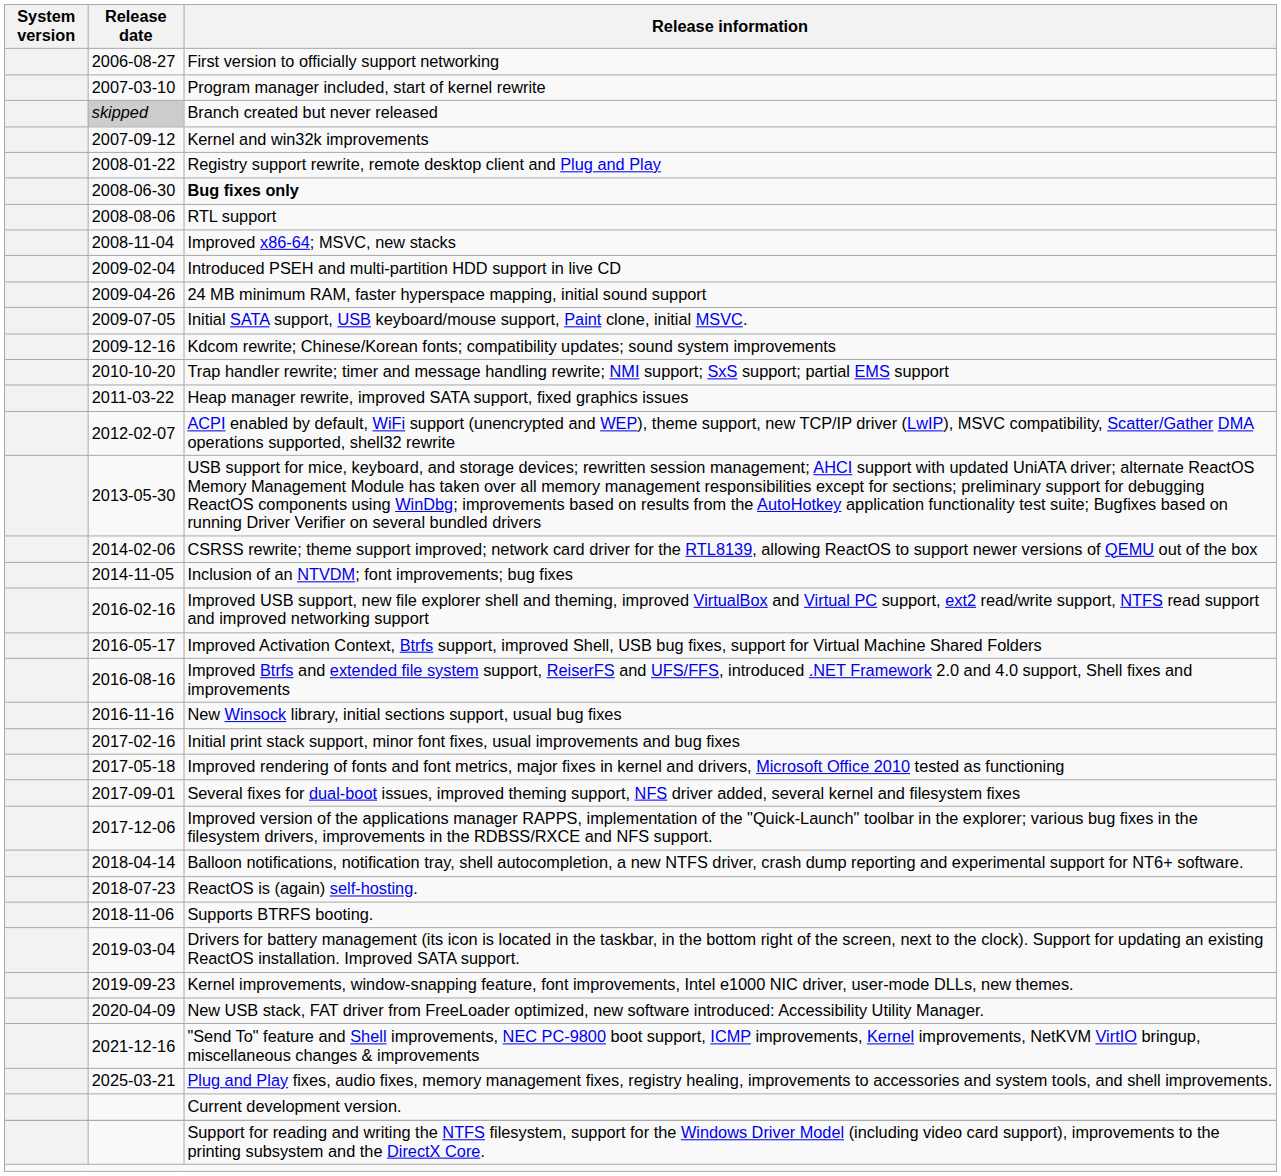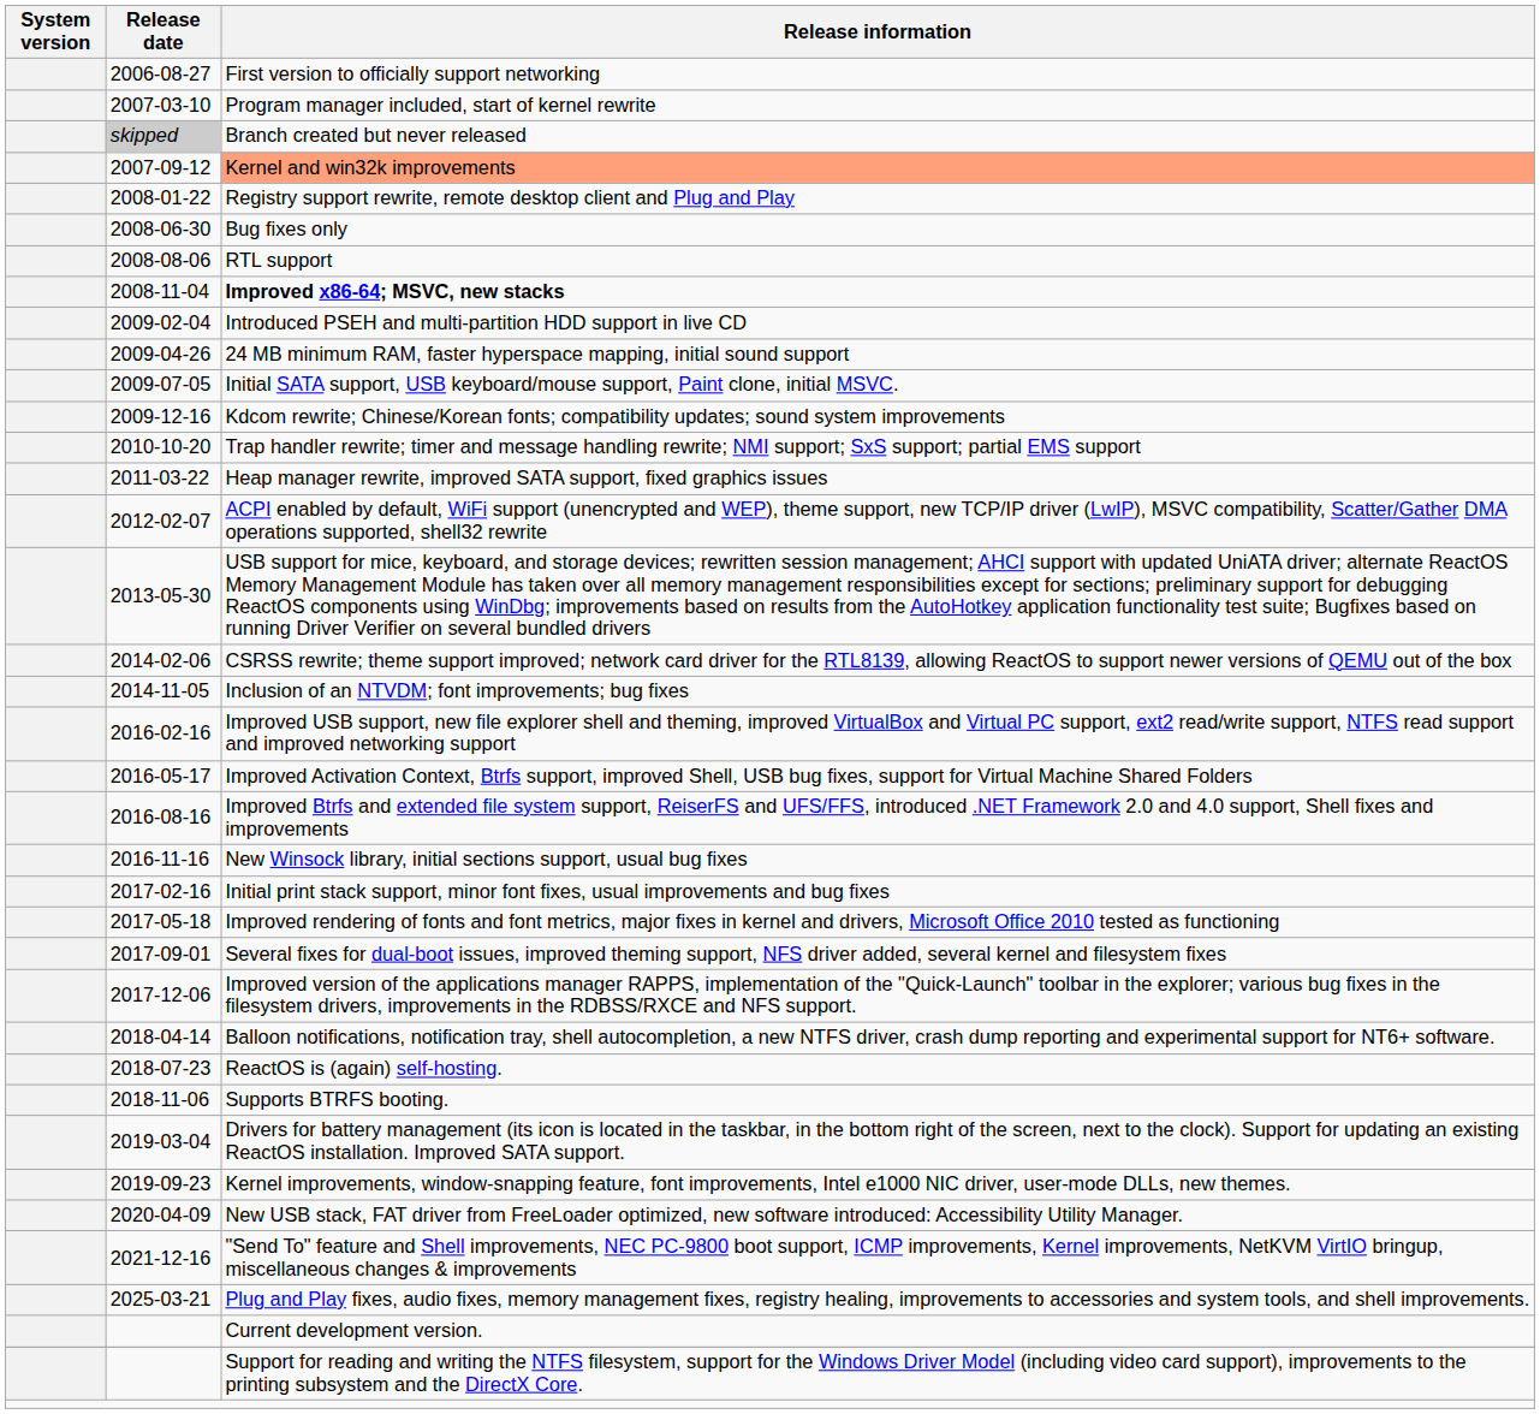 <table class="wikitable sortable">
 <tr>
 <th>System version</th>
 <th>Release date</th>
 <th>Release information</th>
 </tr>
 <tr>
 <th></th>
 <td>2006-08-27</td>
 <td>First version to officially support networking</td>
 </tr>
 <tr>
 <th></th>
 <td>2007-03-10</td>
 <td>Program manager included, start of kernel rewrite</td>
 </tr>
 <tr>
 <th></th>
 <td style="background:#ccc;"><em>skipped</em></td>
 <td>Branch created but never released</td>
 </tr>
 <tr>
 <th></th>
 <td>2007-09-12</td>
-<td>Kernel and win32k improvements</td>
+<td style="background: lightsalmon;">Kernel and win32k improvements</td>
 </tr>
 <tr>
 <th></th>
 <td>2008-01-22</td>
 <td>Registry support rewrite, remote desktop client and <a href='#'>Plug and Play</a></td>
 </tr>
 <tr>
 <th></th>
 <td>2008-06-30</td>
-<td><strong>Bug fixes only</strong></td>
+<td>Bug fixes only</td>
 </tr>
 <tr>
 <th></th>
 <td>2008-08-06</td>
 <td>RTL support</td>
 </tr>
 <tr>
 <th></th>
 <td>2008-11-04</td>
-<td>Improved <a href='#'>x86-64</a>; MSVC, new stacks</td>
+<td><strong>Improved <a href='#'>x86-64</a>; MSVC, new stacks</strong></td>
 </tr>
 <tr>
 <th></th>
 <td>2009-02-04</td>
 <td>Introduced PSEH and multi-partition HDD support in live CD</td>
 </tr>
 <tr>
 <th></th>
 <td>2009-04-26</td>
 <td>24 MB minimum RAM, faster hyperspace mapping, initial sound support</td>
 </tr>
 <tr>
 <th></th>
 <td>2009-07-05</td>
 <td>Initial <a href='#'>SATA</a> support, <a href='#'>USB</a> keyboard/mouse support, <a href='#'>Paint</a> clone, initial <a href='#'>MSVC</a>.</td>
 </tr>
 <tr>
 <th></th>
 <td>2009-12-16</td>
 <td>Kdcom rewrite; Chinese/Korean fonts; compatibility updates; sound system improvements</td>
 </tr>
 <tr>
 <th></th>
 <td>2010-10-20</td>
 <td>Trap handler rewrite; timer and message handling rewrite; <a href='#'>NMI</a> support; <a href='#'>SxS</a> support; partial <a href='#'>EMS</a> support</td>
 </tr>
 <tr>
 <th></th>
 <td>2011-03-22</td>
 <td>Heap manager rewrite, improved SATA support, fixed graphics issues</td>
 </tr>
 <tr>
 <th></th>
 <td>2012-02-07</td>
 <td><a href='#'>ACPI</a> enabled by default, <a href='#'>WiFi</a> support (unencrypted and <a href='#'>WEP</a>), theme support, new TCP/IP driver (<a href='#'>LwIP</a>), MSVC compatibility, <a href='#'>Scatter/Gather</a> <a href='#'>DMA</a> operations supported, shell32 rewrite</td>
 </tr>
 <tr>
 <th></th>
 <td>2013-05-30</td>
 <td>USB support for mice, keyboard, and storage devices; rewritten session management; <a href='#'>AHCI</a> support with updated UniATA driver; alternate ReactOS Memory Management Module has taken over all memory management responsibilities except for sections; preliminary support for debugging ReactOS components using <a href='#'>WinDbg</a>; improvements based on results from the <a href='#'>AutoHotkey</a> application functionality test suite; Bugfixes based on running Driver Verifier on several bundled drivers</td>
 </tr>
 <tr>
 <th></th>
 <td>2014-02-06</td>
 <td>CSRSS rewrite; theme support improved; network card driver for the <a href='#'>RTL8139</a>, allowing ReactOS to support newer versions of <a href='#'>QEMU</a> out of the box</td>
 </tr>
 <tr>
 <th></th>
 <td>2014-11-05</td>
 <td>Inclusion of an <a href='#'>NTVDM</a>; font improvements; bug fixes</td>
 </tr>
 <tr>
 <th></th>
 <td>2016-02-16</td>
 <td>Improved USB support, new file explorer shell and theming, improved <a href='#'>VirtualBox</a> and <a href='#'>Virtual PC</a> support, <a href='#'>ext2</a> read/write support, <a href='#'>NTFS</a> read support and improved networking support</td>
 </tr>
 <tr>
 <th></th>
 <td>2016-05-17</td>
 <td>Improved Activation Context, <a href='#'>Btrfs</a> support, improved Shell, USB bug fixes, support for Virtual Machine Shared Folders</td>
 </tr>
 <tr>
 <th></th>
 <td>2016-08-16</td>
 <td>Improved <a href='#'>Btrfs</a> and <a href='#'>extended file system</a> support, <a href='#'>ReiserFS</a> and <a href='#'>UFS/FFS</a>, introduced <a href='#'>.NET Framework</a> 2.0 and 4.0 support, Shell fixes and improvements</td>
 </tr>
 <tr>
 <th></th>
 <td>2016-11-16</td>
 <td>New <a href='#'>Winsock</a> library, initial sections support, usual bug fixes</td>
 </tr>
 <tr>
 <th></th>
 <td>2017-02-16</td>
 <td>Initial print stack support, minor font fixes, usual improvements and bug fixes</td>
 </tr>
 <tr>
 <th></th>
 <td>2017-05-18</td>
 <td>Improved rendering of fonts and font metrics, major fixes in kernel and drivers, <a href='#'>Microsoft Office 2010</a> tested as functioning</td>
 </tr>
 <tr>
 <th></th>
 <td>2017-09-01</td>
 <td>Several fixes for <a href='#'>dual-boot</a> issues, improved theming support, <a href='#'>NFS</a> driver added, several kernel and filesystem fixes</td>
 </tr>
 <tr>
 <th></th>
 <td>2017-12-06</td>
 <td>Improved version of the applications manager RAPPS, implementation of the "Quick-Launch" toolbar in the explorer; various bug fixes in the filesystem drivers, improvements in the RDBSS/RXCE and NFS support.</td>
 </tr>
 <tr>
 <th></th>
 <td>2018-04-14</td>
 <td>Balloon notifications, notification tray, shell autocompletion, a new NTFS driver, crash dump reporting and experimental support for NT6+ software.</td>
 </tr>
 <tr>
 <th></th>
 <td>2018-07-23</td>
 <td>ReactOS is (again) <a href='#'>self-hosting</a>.</td>
 </tr>
 <tr>
 <th></th>
 <td>2018-11-06</td>
 <td>Supports BTRFS booting.</td>
 </tr>
 <tr>
 <th></th>
 <td>2019-03-04</td>
 <td>Drivers for battery management (its icon is located in the taskbar, in the bottom right of the screen, next to the clock). Support for updating an existing ReactOS installation. Improved SATA support.</td>
 </tr>
 <tr>
 <th></th>
 <td style="white-space: nowrap;">2019-09-23</td>
 <td>Kernel improvements, window-snapping feature, font improvements, Intel e1000 NIC driver, user-mode DLLs, new themes.</td>
 </tr>
 <tr>
 <th></th>
 <td>2020-04-09</td>
 <td>New USB stack, FAT driver from FreeLoader optimized, new software introduced: Accessibility Utility Manager.</td>
 </tr>
 <tr>
 <th></th>
 <td>2021-12-16</td>
 <td>"Send To" feature and <a href='#'>Shell</a> improvements, <a href='#'>NEC PC-9800</a> boot support, <a href='#'>ICMP</a> improvements, <a href='#'>Kernel</a> improvements, NetKVM <a href='#'>VirtIO</a> bringup, miscellaneous changes & improvements</td>
 </tr>
 <tr>
 <th></th>
 <td>2025-03-21</td>
 <td><a href='#'>Plug and Play</a> fixes, audio fixes, memory management fixes, registry healing, improvements to accessories and system tools, and shell improvements.</td>
 </tr>
 <tr>
 <th></th>
 <td></td>
 <td>Current development version.</td>
 </tr>
 <tr>
 </tr>
 <tr>
 <th></th>
 <td></td>
 <td>Support for reading and writing the <a href='#'>NTFS</a> filesystem, support for the <a href='#'>Windows Driver Model</a> (including video card support), improvements to the printing subsystem and the <a href='#'>DirectX Core</a>.</td>
 </tr>
 <tr>
 <td colspan="5"></td>
 </tr>
 </table>
